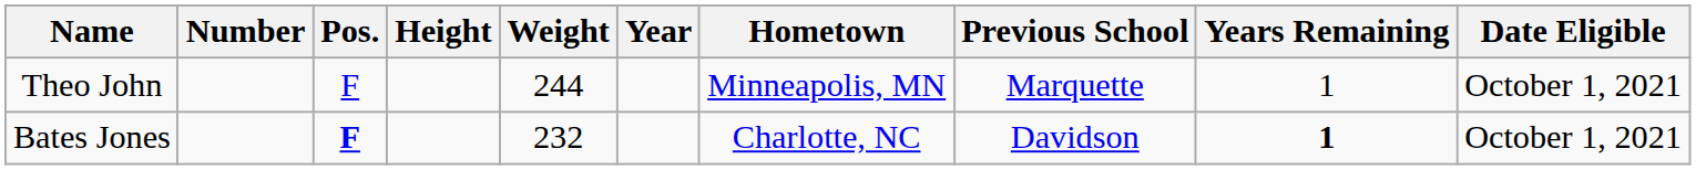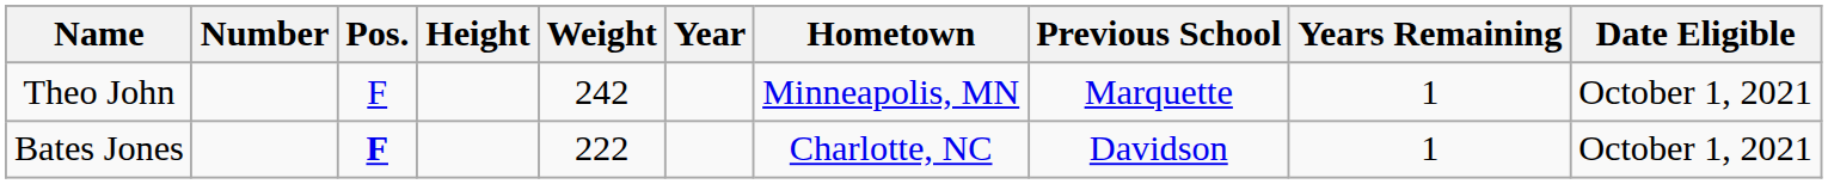 <table class="wikitable sortable sortable" style="text-align: center">
 <tr align=center>
 <th>Name</th>
 <th>Number</th>
 <th>Pos.</th>
 <th>Height</th>
 <th>Weight</th>
 <th>Year</th>
 <th>Hometown</th>
 <th>Previous School</th>
 <th>Years Remaining</th>
 <th>Date Eligible</th>
 </tr>
 <tr>
 <td>Theo John</td>
 <td></td>
 <td><a href='#'>F</a></td>
 <td></td>
-<td>244</td>
+<td>242</td>
 <td></td>
 <td><a href='#'>Minneapolis, MN</a></td>
 <td><a href='#'>Marquette</a></td>
 <td>1</td>
 <td>October 1, 2021</td>
 </tr>
 <tr>
 <td>Bates Jones</td>
 <td></td>
 <td><strong><a href='#'>F</a></strong></td>
 <td></td>
-<td>232</td>
+<td>222</td>
 <td></td>
 <td><a href='#'>Charlotte, NC</a></td>
 <td><a href='#'>Davidson</a></td>
-<td><strong>1</strong></td>
+<td>1</td>
 <td>October 1, 2021</td>
 </tr>
 </table>
